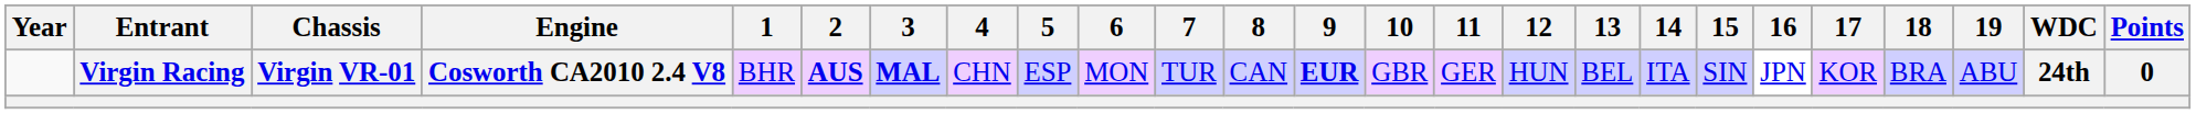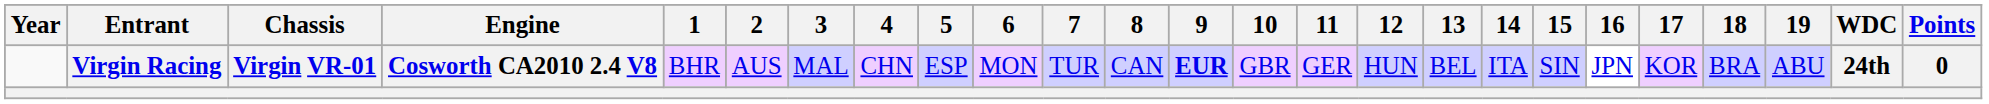 <table class="wikitable" style="text-align:center; font-size:85%">
 <tr>
 <th scope="col">Year</th>
 <th scope="col">Entrant</th>
 <th scope="col">Chassis</th>
 <th scope="col">Engine</th>
 <th scope="col">1</th>
 <th scope="col">2</th>
 <th scope="col">3</th>
 <th scope="col">4</th>
 <th scope="col">5</th>
 <th scope="col">6</th>
 <th scope="col">7</th>
 <th scope="col">8</th>
 <th scope="col">9</th>
 <th scope="col">10</th>
 <th scope="col">11</th>
 <th scope="col">12</th>
 <th scope="col">13</th>
 <th scope="col">14</th>
 <th scope="col">15</th>
 <th scope="col">16</th>
 <th scope="col">17</th>
 <th scope="col">18</th>
 <th scope="col">19</th>
 <th scope="col">WDC</th>
 <th scope="col"><a href='#'>Points</a></th>
 </tr>
 <tr>
 <td></td>
 <th nowrap><a href='#'>Virgin Racing</a></th>
 <th nowrap><a href='#'>Virgin</a> <a href='#'>VR-01</a></th>
 <th nowrap><a href='#'>Cosworth</a> CA2010 2.4 <a href='#'>V8</a></th>
 <td style="background:#EFCFFF;"><a href='#'>BHR</a><br></td>
-<td style="background:#EFCFFF;"><strong><a href='#'>AUS</a><br></strong></td>
-<td style="background:#CFCFFF;"><strong><a href='#'>MAL</a><br></strong></td>
+<td style="background:#EFCFFF;"><a href='#'>AUS</a><br></td>
+<td style="background:#CFCFFF;"><a href='#'>MAL</a><br></td>
 <td style="background:#EFCFFF;"><a href='#'>CHN</a><br></td>
 <td style="background:#CFCFFF;"><a href='#'>ESP</a><br></td>
 <td style="background:#EFCFFF;"><a href='#'>MON</a><br></td>
 <td style="background:#CFCFFF;"><a href='#'>TUR</a><br></td>
 <td style="background:#CFCFFF;"><a href='#'>CAN</a><br></td>
 <td style="background:#CFCFFF;"><strong><a href='#'>EUR</a><br></strong></td>
 <td style="background:#EFCFFF;"><a href='#'>GBR</a><br></td>
 <td style="background:#EFCFFF;"><a href='#'>GER</a><br></td>
 <td style="background:#CFCFFF;"><a href='#'>HUN</a><br></td>
 <td style="background:#CFCFFF;"><a href='#'>BEL</a><br></td>
 <td style="background:#CFCFFF;"><a href='#'>ITA</a><br></td>
 <td style="background:#CFCFFF;"><a href='#'>SIN</a><br></td>
 <td style="background:#FFFFFF;"><a href='#'>JPN</a><br></td>
 <td style="background:#EFCFFF;"><a href='#'>KOR</a><br></td>
 <td style="background:#CFCFFF;"><a href='#'>BRA</a><br></td>
 <td style="background:#CFCFFF;"><a href='#'>ABU</a><br></td>
 <th>24th</th>
 <th>0</th>
 </tr>
 <tr>
 <th colspan="25"></th>
 </tr>
 </table>
